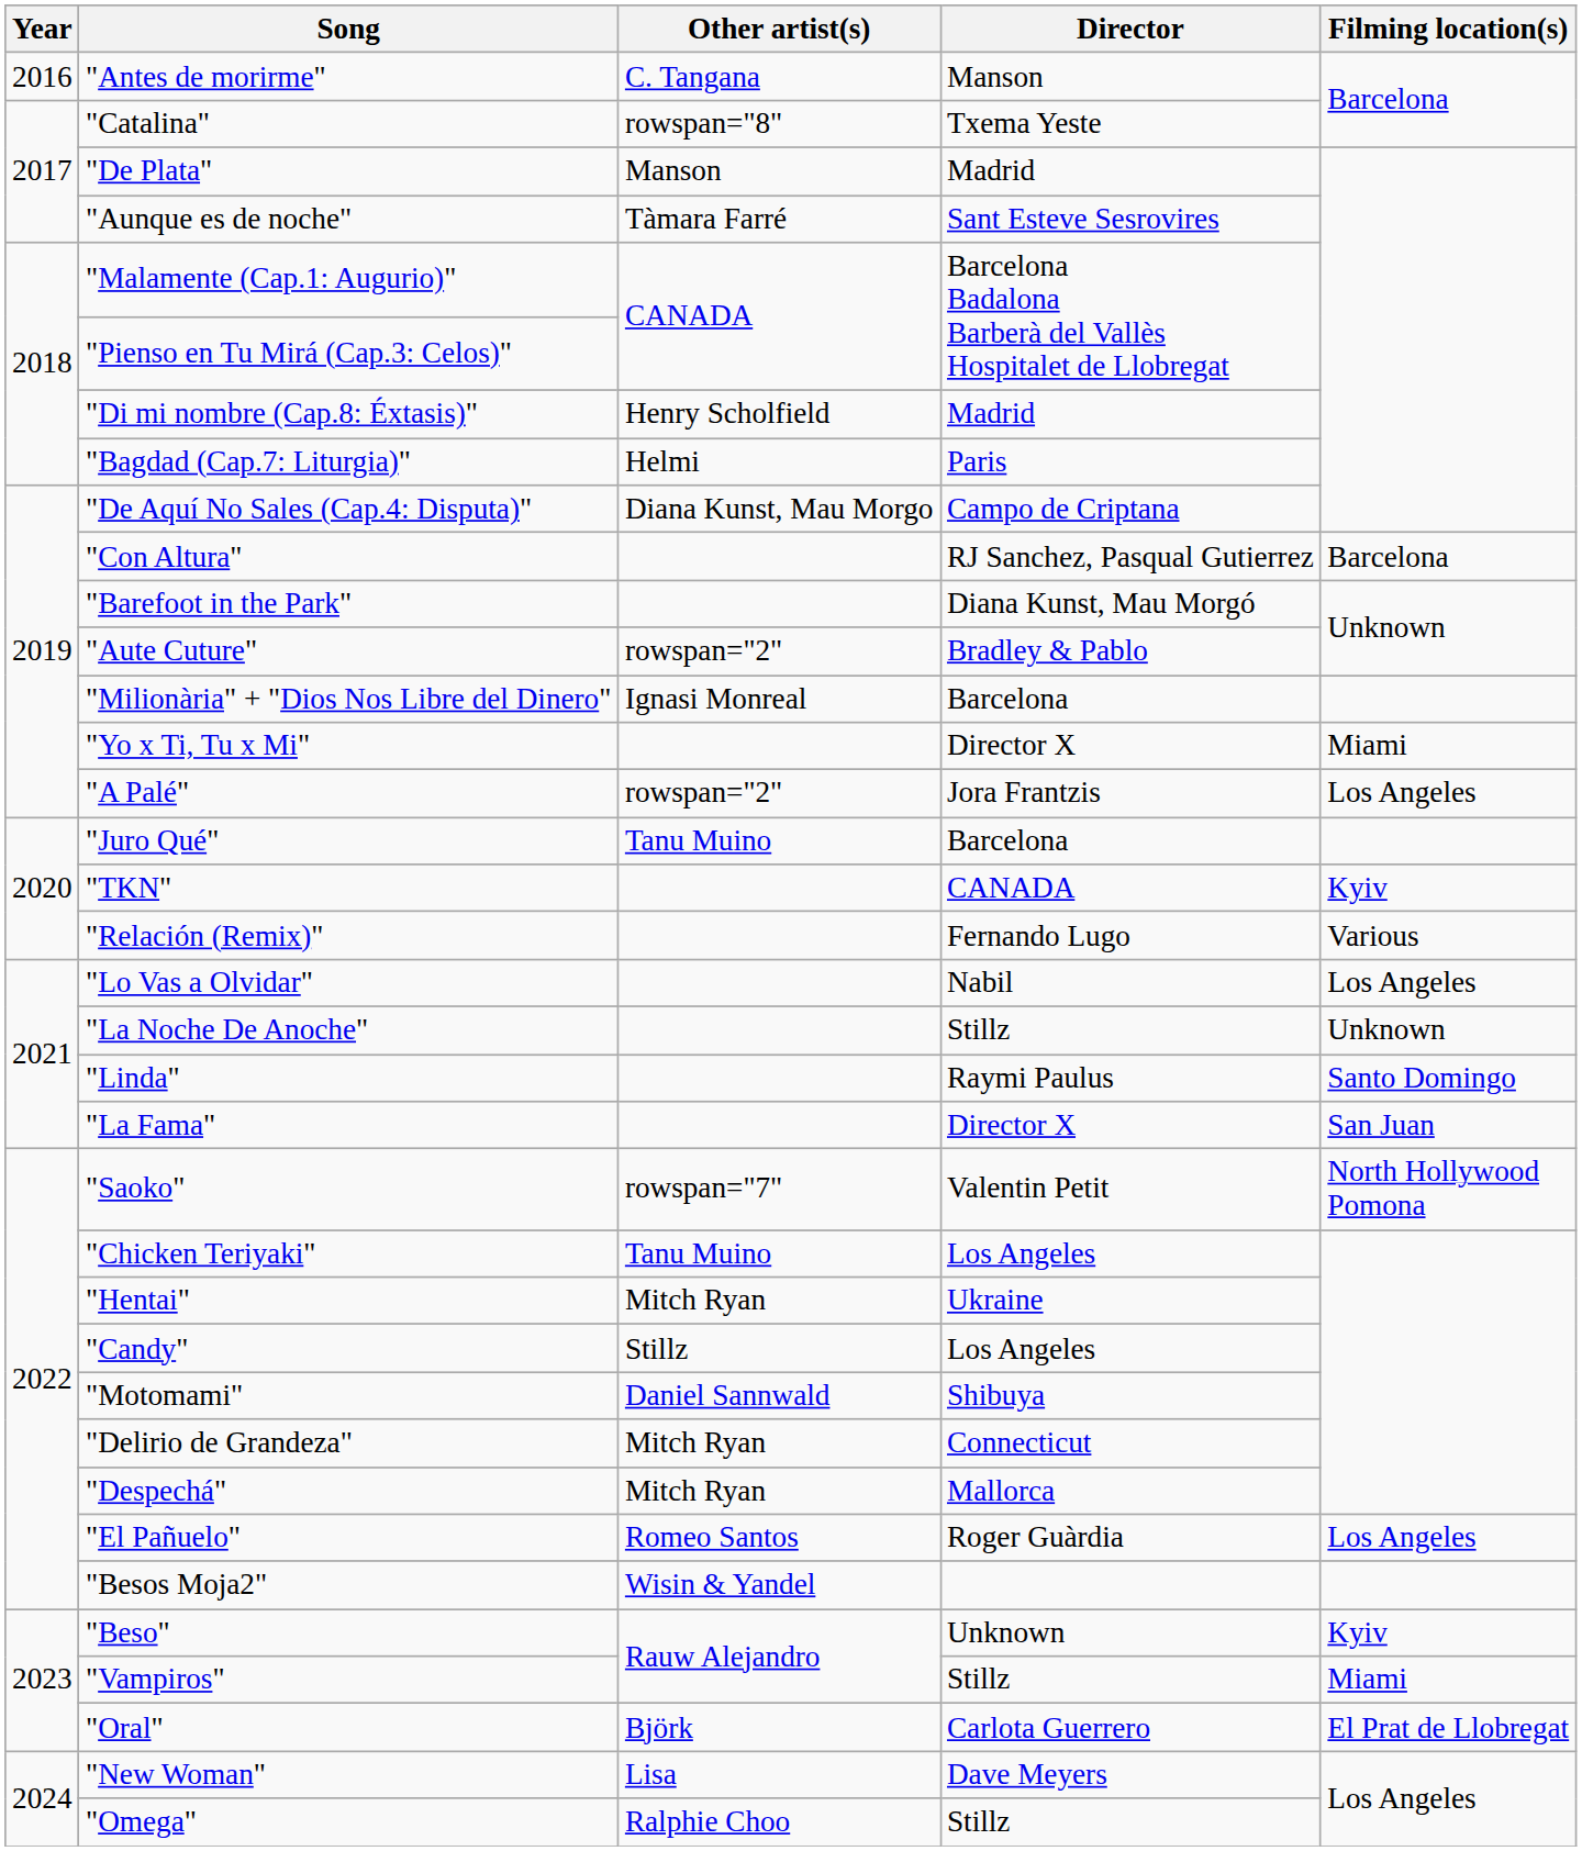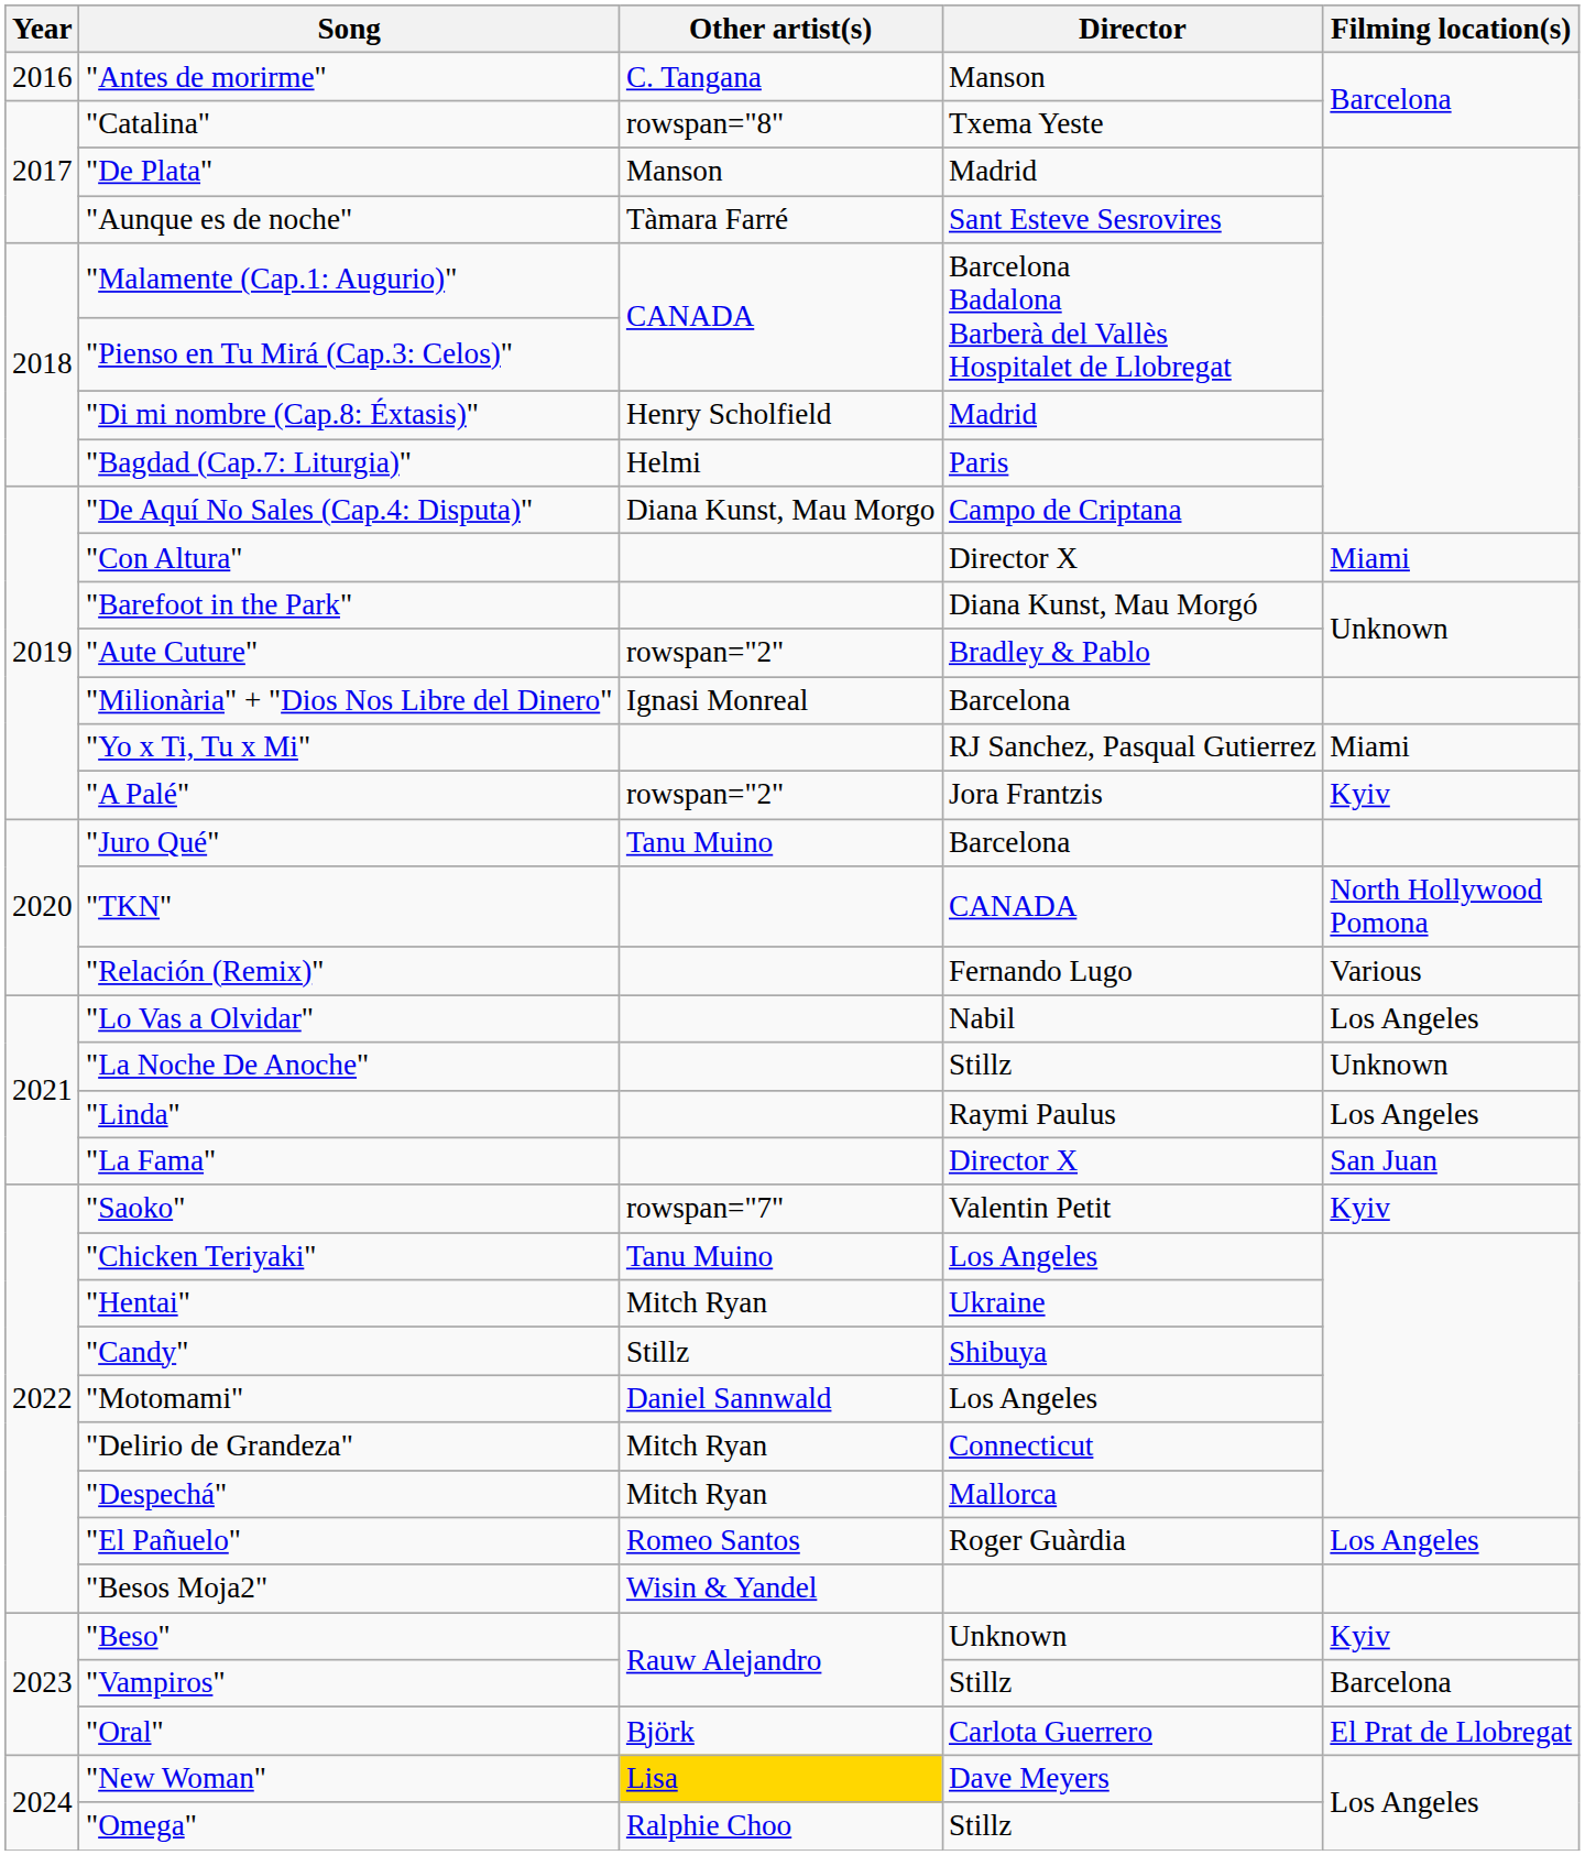 <table class="wikitable">
 <tr>
 <th>Year</th>
 <th>Song</th>
 <th>Other artist(s)</th>
 <th>Director</th>
 <th>Filming location(s)</th>
 </tr>
 <tr>
 <td>2016</td>
 <td>"<a href='#'>Antes de morirme</a>"</td>
 <td><a href='#'>C. Tangana</a></td>
 <td>Manson</td>
 <td rowspan="2"><a href='#'>Barcelona</a></td>
 </tr>
 <tr>
 <td rowspan="3">2017</td>
 <td>"Catalina"</td>
 <td>rowspan="8" </td>
 <td>Txema Yeste</td>
 </tr>
 <tr>
 <td>"<a href='#'>De Plata</a>"</td>
 <td>Manson</td>
 <td>Madrid</td>
 </tr>
 <tr>
 <td>"Aunque es de noche"</td>
 <td>Tàmara Farré</td>
 <td><a href='#'>Sant Esteve Sesrovires</a></td>
 </tr>
 <tr>
 <td rowspan="4">2018</td>
 <td>"<a href='#'>Malamente (Cap.1: Augurio)</a>"</td>
 <td rowspan="2"><a href='#'>CANADA</a></td>
 <td rowspan="2">Barcelona<br><a href='#'>Badalona</a><br><a href='#'>Barberà del Vallès</a><br><a href='#'>Hospitalet de Llobregat</a></td>
 </tr>
 <tr>
 <td>"<a href='#'>Pienso en Tu Mirá (Cap.3: Celos)</a>"</td>
 </tr>
 <tr>
 <td>"<a href='#'>Di mi nombre (Cap.8: Éxtasis)</a>"</td>
 <td>Henry Scholfield</td>
 <td><a href='#'>Madrid</a></td>
 </tr>
 <tr>
 <td>"<a href='#'>Bagdad (Cap.7: Liturgia)</a>"</td>
 <td>Helmi</td>
 <td><a href='#'>Paris</a></td>
 </tr>
 <tr>
 <td rowspan="7">2019</td>
 <td>"<a href='#'>De Aquí No Sales (Cap.4: Disputa)</a>"</td>
 <td>Diana Kunst, Mau Morgo</td>
 <td><a href='#'>Campo de Criptana</a></td>
 </tr>
 <tr>
 <td>"<a href='#'>Con Altura</a>"</td>
 <td></td>
-<td>RJ Sanchez, Pasqual Gutierrez</td>
-<td>Barcelona</td>
+<td>Director X</td>
+<td><a href='#'>Miami</a></td>
 </tr>
 <tr>
 <td>"<a href='#'>Barefoot in the Park</a>"</td>
 <td></td>
 <td>Diana Kunst, Mau Morgó</td>
 <td rowspan="2">Unknown</td>
 </tr>
 <tr>
 <td>"<a href='#'>Aute Cuture</a>"</td>
 <td>rowspan="2" </td>
 <td><a href='#'>Bradley & Pablo</a></td>
 </tr>
 <tr>
 <td>"<a href='#'>Milionària</a>" + "<a href='#'>Dios Nos Libre del Dinero</a>"</td>
 <td>Ignasi Monreal</td>
 <td>Barcelona</td>
 </tr>
 <tr>
 <td>"<a href='#'>Yo x Ti, Tu x Mi</a>"</td>
 <td></td>
-<td>Director X</td>
+<td>RJ Sanchez, Pasqual Gutierrez</td>
 <td>Miami</td>
 </tr>
 <tr>
 <td>"<a href='#'>A Palé</a>"</td>
 <td>rowspan="2" </td>
 <td>Jora Frantzis</td>
-<td>Los Angeles</td>
+<td rowspan="1"><a href='#'>Kyiv</a></td>
 </tr>
 <tr>
 <td rowspan="3">2020</td>
 <td>"<a href='#'>Juro Qué</a>"</td>
 <td><a href='#'>Tanu Muino</a></td>
 <td>Barcelona</td>
 </tr>
 <tr>
 <td>"<a href='#'>TKN</a>"</td>
 <td></td>
 <td><a href='#'>CANADA</a></td>
-<td rowspan="1"><a href='#'>Kyiv</a></td>
+<td><a href='#'>North Hollywood</a><br><a href='#'>Pomona</a></td>
 </tr>
 <tr>
 <td>"<a href='#'>Relación (Remix)</a>"</td>
 <td></td>
 <td>Fernando Lugo</td>
 <td>Various</td>
 </tr>
 <tr>
 <td rowspan="4">2021</td>
 <td>"<a href='#'>Lo Vas a Olvidar</a>"</td>
 <td></td>
 <td>Nabil</td>
 <td>Los Angeles</td>
 </tr>
 <tr>
 <td>"<a href='#'>La Noche De Anoche</a>"</td>
 <td></td>
 <td>Stillz</td>
 <td>Unknown</td>
 </tr>
 <tr>
 <td>"<a href='#'>Linda</a>"</td>
 <td></td>
 <td>Raymi Paulus</td>
-<td><a href='#'>Santo Domingo</a></td>
+<td>Los Angeles</td>
 </tr>
 <tr>
 <td>"<a href='#'>La Fama</a>"</td>
 <td></td>
 <td><a href='#'>Director X</a></td>
 <td><a href='#'>San Juan</a></td>
 </tr>
 <tr>
 <td rowspan="9">2022</td>
 <td>"<a href='#'>Saoko</a>"</td>
 <td>rowspan="7" </td>
 <td>Valentin Petit</td>
-<td><a href='#'>North Hollywood</a><br><a href='#'>Pomona</a></td>
+<td rowspan="1"><a href='#'>Kyiv</a></td>
 </tr>
 <tr>
 <td>"<a href='#'>Chicken Teriyaki</a>"</td>
 <td><a href='#'>Tanu Muino</a></td>
 <td><a href='#'>Los Angeles</a></td>
 </tr>
 <tr>
 <td>"<a href='#'>Hentai</a>"</td>
 <td>Mitch Ryan</td>
 <td><a href='#'>Ukraine</a></td>
 </tr>
 <tr>
 <td>"<a href='#'>Candy</a>"</td>
 <td>Stillz</td>
-<td>Los Angeles</td>
+<td><a href='#'>Shibuya</a></td>
 </tr>
 <tr>
 <td>"Motomami"</td>
 <td><a href='#'>Daniel Sannwald</a></td>
-<td><a href='#'>Shibuya</a></td>
+<td>Los Angeles</td>
 </tr>
 <tr>
 <td>"Delirio de Grandeza"</td>
 <td>Mitch Ryan</td>
 <td><a href='#'>Connecticut</a></td>
 </tr>
 <tr>
 <td>"<a href='#'>Despechá</a>"</td>
 <td>Mitch Ryan</td>
 <td><a href='#'>Mallorca</a></td>
 </tr>
 <tr>
 <td>"<a href='#'>El Pañuelo</a>"</td>
 <td><a href='#'>Romeo Santos</a></td>
 <td>Roger Guàrdia</td>
 <td><a href='#'>Los Angeles</a></td>
 </tr>
 <tr>
 <td>"Besos Moja2"</td>
 <td><a href='#'>Wisin & Yandel</a></td>
 <td></td>
 <td></td>
 </tr>
 <tr>
 <td rowspan="3">2023</td>
 <td>"<a href='#'>Beso</a>"</td>
 <td rowspan="2"><a href='#'>Rauw Alejandro</a></td>
 <td>Unknown</td>
 <td rowspan="1"><a href='#'>Kyiv</a></td>
 </tr>
 <tr>
 <td>"<a href='#'>Vampiros</a>"</td>
 <td>Stillz</td>
-<td><a href='#'>Miami</a></td>
+<td>Barcelona</td>
 </tr>
 <tr>
 <td>"<a href='#'>Oral</a>"</td>
 <td><a href='#'>Björk</a></td>
 <td><a href='#'>Carlota Guerrero</a></td>
 <td><a href='#'>El Prat de Llobregat</a></td>
 </tr>
 <tr>
 <td rowspan="2">2024</td>
 <td>"<a href='#'>New Woman</a>"</td>
-<td rowspan="1"><a href='#'>Lisa</a></td>
+<td rowspan="1" style="background: gold;"><a href='#'>Lisa</a></td>
 <td><a href='#'>Dave Meyers</a></td>
 <td rowspan="2">Los Angeles</td>
 </tr>
 <tr>
 <td>"<a href='#'>Omega</a>"</td>
 <td><a href='#'>Ralphie Choo</a></td>
 <td>Stillz</td>
 </tr>
 </table>
